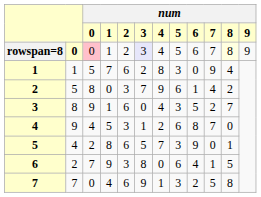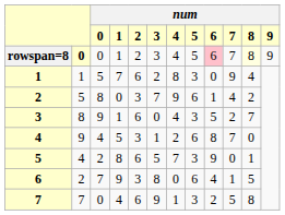 <table class="wikitable" style="text-align:center">
 <tr valign="middle">
 <th rowspan=2 colspan=2 style="background:#ffc"></th>
 <th colspan=10><em>num</em></th>
 </tr>
 <tr valign="middle">
 <th style="background:#ffc; width:1em">0</th>
 <th style="background:#ffc; width:1em">1</th>
 <th style="background:#ffc; width:1em">2</th>
 <th style="background:#ffc; width:1em">3</th>
 <th style="background:#ffc; width:1em">4</th>
 <th style="background:#ffc; width:1em">5</th>
 <th style="background:#ffc; width:1em">6</th>
 <th style="background:#ffc; width:1em">7</th>
 <th style="background:#ffc; width:1em">8</th>
 <th style="background:#ffc; width:1em">9</th>
 </tr>
 <tr valign="middle">
 <th>rowspan=8 </th>
 <th style="background:#ffc; width:1em">0</th>
-<td style="background: pink;">0</td>
+<td>0</td>
 <td>1</td>
 <td>2</td>
-<td style="background: lavender;">3</td>
+<td>3</td>
 <td>4</td>
 <td>5</td>
-<td>6</td>
+<td style="background: pink;">6</td>
 <td>7</td>
 <td style="background: lightyellow;">8</td>
 <td>9</td>
 </tr>
 <tr valign="bottom">
 <th style="background:#ffc">1</th>
 <td>1</td>
 <td>5</td>
 <td>7</td>
 <td>6</td>
 <td>2</td>
 <td>8</td>
 <td>3</td>
 <td>0</td>
 <td>9</td>
 <td>4</td>
 </tr>
 <tr valign="bottom">
 <th style="background:#ffc">2</th>
 <td>5</td>
 <td>8</td>
 <td>0</td>
 <td>3</td>
 <td>7</td>
 <td>9</td>
 <td>6</td>
 <td>1</td>
 <td>4</td>
 <td>2</td>
 </tr>
 <tr valign="bottom">
 <th style="background:#ffc">3</th>
 <td>8</td>
 <td>9</td>
 <td>1</td>
 <td>6</td>
 <td>0</td>
 <td>4</td>
 <td>3</td>
 <td>5</td>
 <td>2</td>
 <td>7</td>
 </tr>
 <tr valign="bottom">
 <th style="background:#ffc">4</th>
 <td>9</td>
 <td>4</td>
 <td>5</td>
 <td>3</td>
 <td>1</td>
 <td>2</td>
 <td>6</td>
 <td>8</td>
 <td>7</td>
 <td>0</td>
 </tr>
 <tr valign="bottom">
 <th style="background:#ffc">5</th>
 <td>4</td>
 <td>2</td>
 <td>8</td>
 <td>6</td>
 <td>5</td>
 <td>7</td>
 <td>3</td>
 <td>9</td>
 <td>0</td>
 <td>1</td>
 </tr>
 <tr valign="bottom">
 <th style="background:#ffc">6</th>
 <td>2</td>
 <td>7</td>
 <td>9</td>
 <td>3</td>
 <td>8</td>
 <td>0</td>
 <td>6</td>
 <td>4</td>
 <td>1</td>
 <td>5</td>
 </tr>
 <tr valign="bottom">
 <th style="background:#ffc">7</th>
 <td>7</td>
 <td>0</td>
 <td>4</td>
 <td>6</td>
 <td>9</td>
 <td>1</td>
 <td>3</td>
 <td>2</td>
 <td>5</td>
 <td>8</td>
 </tr>
 </table>
